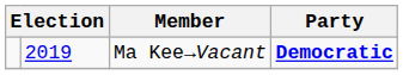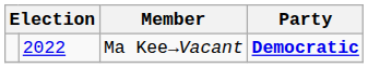 <table class="wikitable">
 <tr>
 <th colspan="2">Election</th>
 <th>Member</th>
 <th>Party</th>
 </tr>
 <tr>
 <td style="color:inherit;background:"></td>
-<td><a href='#'>2019</a></td>
+<td><a href='#'>2022</a></td>
 <td>Ma Kee→<em>Vacant</em></td>
 <td><strong><a href='#'>Democratic</a></strong></td>
 </tr>
 <tr>
 </tr>
 </table>
